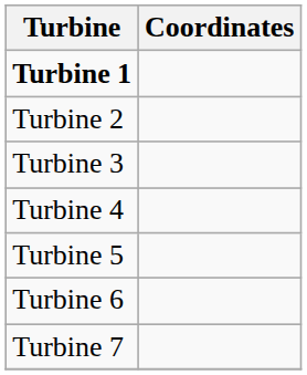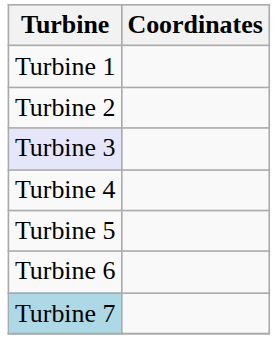 <table class="wikitable" style="margin: 1em auto 1em auto;">
 <tr>
 <th>Turbine</th>
 <th>Coordinates</th>
 </tr>
 <tr>
-<td><strong>Turbine 1</strong></td>
+<td>Turbine 1</td>
 <td></td>
 </tr>
 <tr>
 <td>Turbine 2</td>
 <td></td>
 </tr>
 <tr>
-<td>Turbine 3</td>
+<td style="background: lavender;">Turbine 3</td>
 <td></td>
 </tr>
 <tr>
 <td>Turbine 4</td>
 <td></td>
 </tr>
 <tr>
 <td>Turbine 5</td>
 <td></td>
 </tr>
 <tr>
 <td>Turbine 6</td>
 <td></td>
 </tr>
 <tr>
-<td>Turbine 7</td>
+<td style="background: lightblue;">Turbine 7</td>
 <td></td>
 </tr>
 <tr>
 </tr>
 </table>
